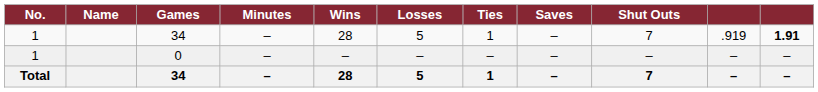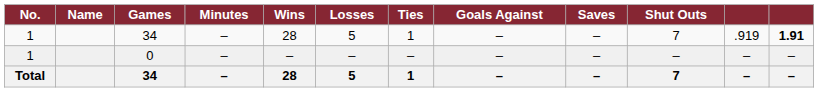 <table class="wikitable sortable" width ="1000">
 <tr align="center">
 <th style="color:white; background:#862633; ">No.</th>
 <th style="color:white; background:#862633; ">Name</th>
 <th style="color:white; background:#862633; ">Games</th>
 <th style="color:white; background:#862633; ">Minutes</th>
 <th style="color:white; background:#862633; ">Wins</th>
 <th style="color:white; background:#862633; ">Losses</th>
 <th style="color:white; background:#862633; ">Ties</th>
+<th style="color:white; background:#862633; ">Goals Against</th>
 <th style="color:white; background:#862633; ">Saves</th>
 <th style="color:white; background:#862633; ">Shut Outs</th>
 <th style="color:white; background:#862633; "><a href='#'></a></th>
 <th style="color:white; background:#862633; "><a href='#'></a></th>
 </tr>
 <tr align="center">
 <td>1</td>
 <td></td>
 <td>34</td>
 <td>–</td>
 <td>28</td>
 <td>5</td>
 <td>1</td>
 <td>–</td>
+<td>–</td>
 <td>7</td>
 <td>.919</td>
 <td><strong>1.91</strong></td>
 </tr>
 <tr align="center" bgcolor="#f0f0f0">
 <td>1</td>
 <td></td>
 <td>0</td>
+<td>–</td>
 <td>–</td>
 <td>–</td>
 <td>–</td>
 <td>–</td>
 <td>–</td>
 <td>–</td>
 <td>–</td>
 <td>–</td>
 </tr>
 <tr>
 <th>Total</th>
 <th></th>
 <th>34</th>
 <th>–</th>
 <th>28</th>
 <th>5</th>
 <th>1</th>
 <th>–</th>
+<th>–</th>
 <th>7</th>
 <th>–</th>
 <th>–</th>
 </tr>
 </table>
